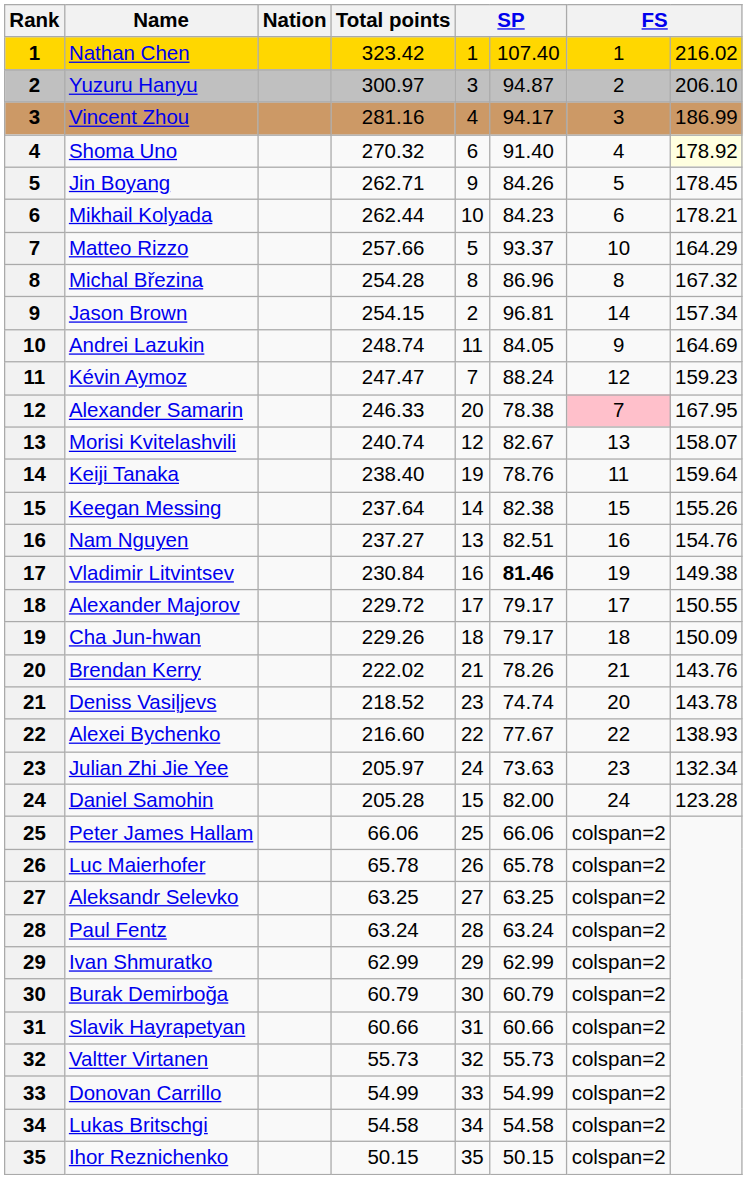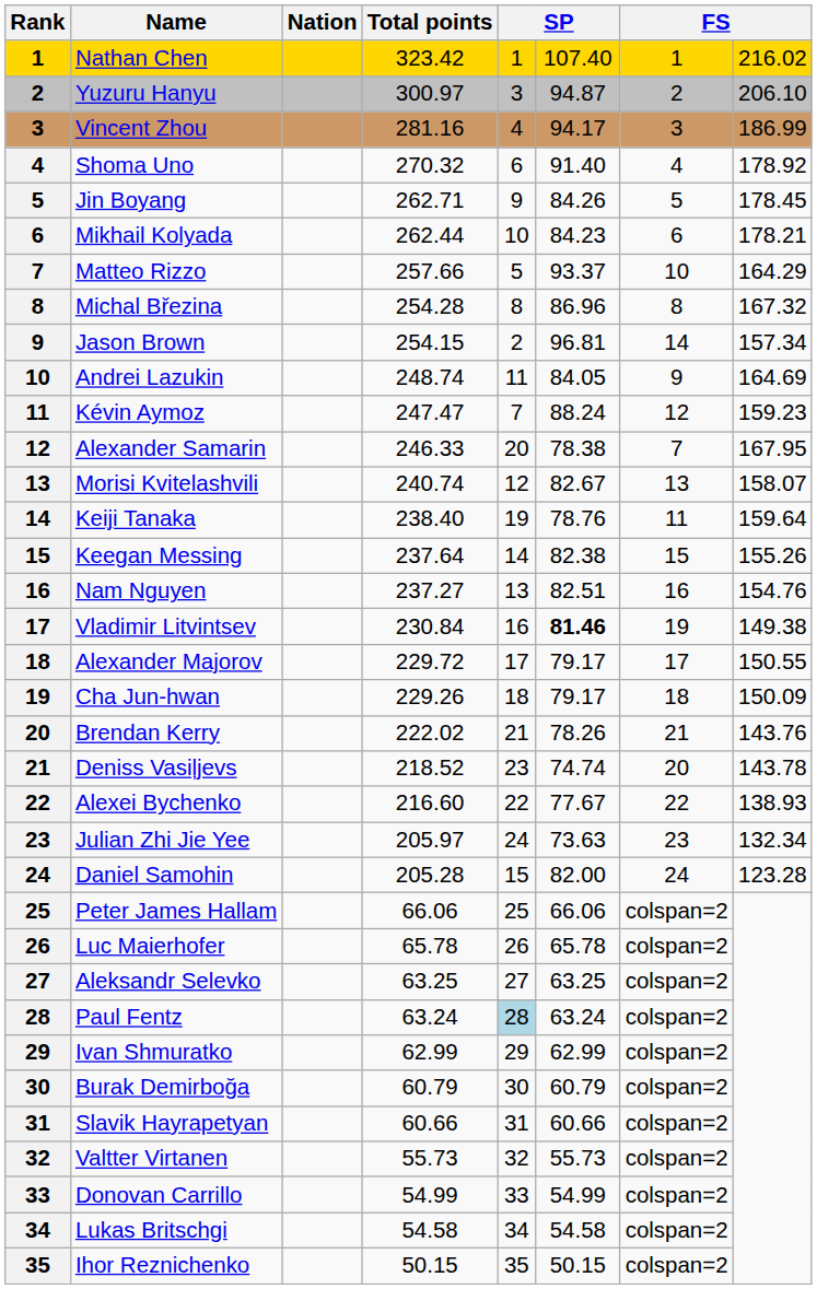 <table class="wikitable sortable">
 <tr>
 <th>Rank</th>
 <th>Name</th>
 <th>Nation</th>
 <th>Total points</th>
 <th colspan="2" width="80px"><a href='#'>SP</a></th>
 <th colspan="2" width="80px"><a href='#'>FS</a></th>
 </tr>
 <tr bgcolor="gold">
 <td align="center"><strong>1</strong></td>
 <td><a href='#'>Nathan Chen</a></td>
 <td></td>
 <td align="center">323.42</td>
 <td align="center">1</td>
 <td align="center">107.40</td>
 <td align="center">1</td>
 <td align="center">216.02</td>
 </tr>
 <tr bgcolor="silver">
 <td align="center"><strong>2</strong></td>
 <td><a href='#'>Yuzuru Hanyu</a></td>
 <td></td>
 <td align="center">300.97</td>
 <td align="center">3</td>
 <td align="center">94.87</td>
 <td align="center">2</td>
 <td align="center">206.10</td>
 </tr>
 <tr bgcolor="cc9966">
 <td align="center"><strong>3</strong></td>
 <td><a href='#'>Vincent Zhou</a></td>
 <td></td>
 <td align="center">281.16</td>
 <td align="center">4</td>
 <td align="center">94.17</td>
 <td align="center">3</td>
 <td align="center">186.99</td>
 </tr>
 <tr>
 <th>4</th>
 <td><a href='#'>Shoma Uno</a></td>
 <td></td>
 <td align="center">270.32</td>
 <td align="center">6</td>
 <td align="center">91.40</td>
 <td align="center">4</td>
-<td align="center" style="background: lightyellow;">178.92</td>
+<td align="center">178.92</td>
 </tr>
 <tr>
 <th>5</th>
 <td><a href='#'>Jin Boyang</a></td>
 <td></td>
 <td align="center">262.71</td>
 <td align="center">9</td>
 <td align="center">84.26</td>
 <td align="center">5</td>
 <td align="center">178.45</td>
 </tr>
 <tr>
 <th>6</th>
 <td><a href='#'>Mikhail Kolyada</a></td>
 <td></td>
 <td align="center">262.44</td>
 <td align="center">10</td>
 <td align="center">84.23</td>
 <td align="center">6</td>
 <td align="center">178.21</td>
 </tr>
 <tr>
 <th>7</th>
 <td><a href='#'>Matteo Rizzo</a></td>
 <td></td>
 <td align="center">257.66</td>
 <td align="center">5</td>
 <td align="center">93.37</td>
 <td align="center">10</td>
 <td align="center">164.29</td>
 </tr>
 <tr>
 <th>8</th>
 <td><a href='#'>Michal Březina</a></td>
 <td></td>
 <td align="center">254.28</td>
 <td align="center">8</td>
 <td align="center">86.96</td>
 <td align="center">8</td>
 <td align="center">167.32</td>
 </tr>
 <tr>
 <th>9</th>
 <td><a href='#'>Jason Brown</a></td>
 <td></td>
 <td align="center">254.15</td>
 <td align="center">2</td>
 <td align="center">96.81</td>
 <td align="center">14</td>
 <td align="center">157.34</td>
 </tr>
 <tr>
 <th>10</th>
 <td><a href='#'>Andrei Lazukin</a></td>
 <td></td>
 <td align="center">248.74</td>
 <td align="center">11</td>
 <td align="center">84.05</td>
 <td align="center">9</td>
 <td align="center">164.69</td>
 </tr>
 <tr>
 <th>11</th>
 <td><a href='#'>Kévin Aymoz</a></td>
 <td></td>
 <td align="center">247.47</td>
 <td align="center">7</td>
 <td align="center">88.24</td>
 <td align="center">12</td>
 <td align="center">159.23</td>
 </tr>
 <tr>
 <th>12</th>
 <td><a href='#'>Alexander Samarin</a></td>
 <td></td>
 <td align="center">246.33</td>
 <td align="center">20</td>
 <td align="center">78.38</td>
-<td align="center" style="background: pink;">7</td>
+<td align="center">7</td>
 <td align="center">167.95</td>
 </tr>
 <tr>
 <th>13</th>
 <td><a href='#'>Morisi Kvitelashvili</a></td>
 <td></td>
 <td align="center">240.74</td>
 <td align="center">12</td>
 <td align="center">82.67</td>
 <td align="center">13</td>
 <td align="center">158.07</td>
 </tr>
 <tr>
 <th>14</th>
 <td><a href='#'>Keiji Tanaka</a></td>
 <td></td>
 <td align="center">238.40</td>
 <td align="center">19</td>
 <td align="center">78.76</td>
 <td align="center">11</td>
 <td align="center">159.64</td>
 </tr>
 <tr>
 <th>15</th>
 <td><a href='#'>Keegan Messing</a></td>
 <td></td>
 <td align="center">237.64</td>
 <td align="center">14</td>
 <td align="center">82.38</td>
 <td align="center">15</td>
 <td align="center">155.26</td>
 </tr>
 <tr>
 <th>16</th>
 <td><a href='#'>Nam Nguyen</a></td>
 <td></td>
 <td align="center">237.27</td>
 <td align="center">13</td>
 <td align="center">82.51</td>
 <td align="center">16</td>
 <td align="center">154.76</td>
 </tr>
 <tr>
 <th>17</th>
 <td><a href='#'>Vladimir Litvintsev</a></td>
 <td></td>
 <td align="center">230.84</td>
 <td align="center">16</td>
 <td align="center"><strong>81.46</strong></td>
 <td align="center">19</td>
 <td align="center">149.38</td>
 </tr>
 <tr>
 <th>18</th>
 <td><a href='#'>Alexander Majorov</a></td>
 <td></td>
 <td align="center">229.72</td>
 <td align="center">17</td>
 <td align="center">79.17</td>
 <td align="center">17</td>
 <td align="center">150.55</td>
 </tr>
 <tr>
 <th>19</th>
 <td><a href='#'>Cha Jun-hwan</a></td>
 <td></td>
 <td align="center">229.26</td>
 <td align="center">18</td>
 <td align="center">79.17</td>
 <td align="center">18</td>
 <td align="center">150.09</td>
 </tr>
 <tr>
 <th>20</th>
 <td><a href='#'>Brendan Kerry</a></td>
 <td></td>
 <td align="center">222.02</td>
 <td align="center">21</td>
 <td align="center">78.26</td>
 <td align="center">21</td>
 <td align="center">143.76</td>
 </tr>
 <tr>
 <th>21</th>
 <td><a href='#'>Deniss Vasiļjevs</a></td>
 <td></td>
 <td align="center">218.52</td>
 <td align="center">23</td>
 <td align="center">74.74</td>
 <td align="center">20</td>
 <td align="center">143.78</td>
 </tr>
 <tr>
 <th>22</th>
 <td><a href='#'>Alexei Bychenko</a></td>
 <td></td>
 <td align="center">216.60</td>
 <td align="center">22</td>
 <td align="center">77.67</td>
 <td align="center">22</td>
 <td align="center">138.93</td>
 </tr>
 <tr>
 <th>23</th>
 <td><a href='#'>Julian Zhi Jie Yee</a></td>
 <td></td>
 <td align="center">205.97</td>
 <td align="center">24</td>
 <td align="center">73.63</td>
 <td align="center">23</td>
 <td align="center">132.34</td>
 </tr>
 <tr>
 <th>24</th>
 <td><a href='#'>Daniel Samohin</a></td>
 <td></td>
 <td align="center">205.28</td>
 <td align="center">15</td>
 <td align="center">82.00</td>
 <td align="center">24</td>
 <td align="center">123.28</td>
 </tr>
 <tr>
 <th>25</th>
 <td><a href='#'>Peter James Hallam</a></td>
 <td></td>
 <td align="center">66.06</td>
 <td align="center">25</td>
 <td align="center">66.06</td>
 <td>colspan=2 </td>
 </tr>
 <tr>
 <th>26</th>
 <td><a href='#'>Luc Maierhofer</a></td>
 <td></td>
 <td align=center>65.78</td>
 <td align=center>26</td>
 <td align=center>65.78</td>
 <td>colspan=2 </td>
 </tr>
 <tr>
 <th>27</th>
 <td><a href='#'>Aleksandr Selevko</a></td>
 <td></td>
 <td align=center>63.25</td>
 <td align=center>27</td>
 <td align=center>63.25</td>
 <td>colspan=2 </td>
 </tr>
 <tr>
 <th>28</th>
 <td><a href='#'>Paul Fentz</a></td>
 <td></td>
 <td align=center>63.24</td>
-<td align=center>28</td>
+<td align=center style="background: lightblue;">28</td>
 <td align=center>63.24</td>
 <td>colspan=2 </td>
 </tr>
 <tr>
 <th>29</th>
 <td><a href='#'>Ivan Shmuratko</a></td>
 <td></td>
 <td align=center>62.99</td>
 <td align=center>29</td>
 <td align=center>62.99</td>
 <td>colspan=2 </td>
 </tr>
 <tr>
 <th>30</th>
 <td><a href='#'>Burak Demirboğa</a></td>
 <td></td>
 <td align=center>60.79</td>
 <td align=center>30</td>
 <td align=center>60.79</td>
 <td>colspan=2 </td>
 </tr>
 <tr>
 <th>31</th>
 <td><a href='#'>Slavik Hayrapetyan</a></td>
 <td></td>
 <td align=center>60.66</td>
 <td align=center>31</td>
 <td align=center>60.66</td>
 <td>colspan=2 </td>
 </tr>
 <tr>
 <th>32</th>
 <td><a href='#'>Valtter Virtanen</a></td>
 <td></td>
 <td align=center>55.73</td>
 <td align=center>32</td>
 <td align=center>55.73</td>
 <td>colspan=2 </td>
 </tr>
 <tr>
 <th>33</th>
 <td><a href='#'>Donovan Carrillo</a></td>
 <td></td>
 <td align=center>54.99</td>
 <td align=center>33</td>
 <td align=center>54.99</td>
 <td>colspan=2 </td>
 </tr>
 <tr>
 <th>34</th>
 <td><a href='#'>Lukas Britschgi</a></td>
 <td></td>
 <td align=center>54.58</td>
 <td align=center>34</td>
 <td align=center>54.58</td>
 <td>colspan=2 </td>
 </tr>
 <tr>
 <th>35</th>
 <td><a href='#'>Ihor Reznichenko</a></td>
 <td></td>
 <td align=center>50.15</td>
 <td align=center>35</td>
 <td align=center>50.15</td>
 <td>colspan=2 </td>
 </tr>
 </table>
